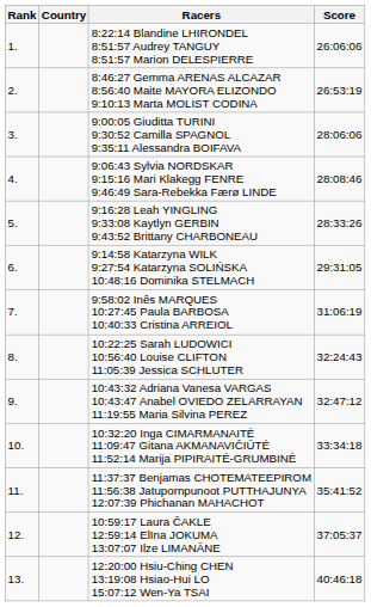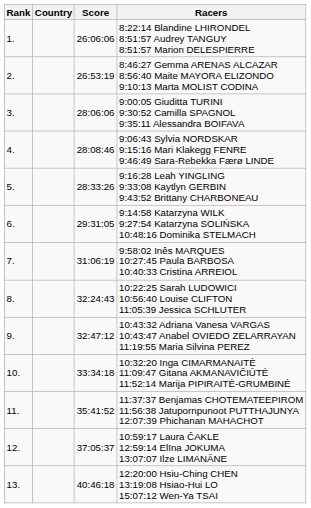 <table class="wikitable sortable" style="text-align:left;font-size:95%">
 <tr>
 <th>Rank</th>
 <th>Country</th>
+<th>Score</th>
 <th>Racers</th>
-<th>Score</th>
 </tr>
 <tr>
 <td>1.</td>
 <td></td>
+<td>26:06:06</td>
 <td>8:22:14	Blandine LHIRONDEL<br>8:51:57	Audrey TANGUY<br>8:51:57	Marion DELESPIERRE</td>
-<td>26:06:06</td>
 </tr>
 <tr>
 <td>2.</td>
 <td></td>
+<td>26:53:19</td>
 <td>8:46:27	Gemma ARENAS ALCAZAR<br>8:56:40	Maite MAYORA ELIZONDO<br>9:10:13	Marta MOLIST CODINA</td>
-<td>26:53:19</td>
 </tr>
 <tr>
 <td>3.</td>
 <td></td>
+<td>28:06:06</td>
 <td>9:00:05	Giuditta TURINI<br>9:30:52	Camilla SPAGNOL<br>9:35:11	Alessandra BOIFAVA</td>
-<td>28:06:06</td>
 </tr>
 <tr>
 <td>4.</td>
 <td></td>
+<td>28:08:46</td>
 <td>9:06:43	Sylvia NORDSKAR<br>9:15:16	Mari Klakegg FENRE<br>9:46:49	Sara-Rebekka Færø LINDE</td>
-<td>28:08:46</td>
 </tr>
 <tr>
 <td>5.</td>
 <td></td>
+<td>28:33:26</td>
 <td>9:16:28	Leah YINGLING<br>9:33:08	Kaytlyn GERBIN<br>9:43:52	Brittany CHARBONEAU</td>
-<td>28:33:26</td>
 </tr>
 <tr>
 <td>6.</td>
 <td></td>
+<td>29:31:05</td>
 <td>9:14:58	Katarzyna WILK<br>9:27:54	Katarzyna SOLIŃSKA<br>10:48:16	Dominika STELMACH</td>
-<td>29:31:05</td>
 </tr>
 <tr>
 <td>7.</td>
 <td></td>
+<td>31:06:19</td>
 <td>9:58:02	Inês MARQUES<br>10:27:45	Paula BARBOSA<br>10:40:33	Cristina ARREIOL</td>
-<td>31:06:19</td>
 </tr>
 <tr>
 <td>8.</td>
 <td></td>
+<td>32:24:43</td>
 <td>10:22:25	Sarah LUDOWICI<br>10:56:40	Louise CLIFTON<br>11:05:39	Jessica SCHLUTER</td>
-<td>32:24:43</td>
 </tr>
 <tr>
 <td>9.</td>
 <td></td>
+<td>32:47:12</td>
 <td>10:43:32	Adriana Vanesa VARGAS<br>10:43:47	Anabel OVIEDO ZELARRAYAN<br>11:19:55	Maria Silvina PEREZ</td>
-<td>32:47:12</td>
 </tr>
 <tr>
 <td>10.</td>
 <td></td>
+<td>33:34:18</td>
 <td>10:32:20	Inga CIMARMANAITĖ<br>11:09:47	Gitana AKMANAVIČIŪTĖ<br>11:52:14	Marija PIPIRAITĖ-GRUMBINĖ</td>
-<td>33:34:18</td>
 </tr>
 <tr>
 <td>11.</td>
 <td></td>
+<td>35:41:52</td>
 <td>11:37:37	Benjamas CHOTEMATEEPIROM<br>11:56:38	Jatupornpunoot PUTTHAJUNYA<br>12:07:39	Phichanan MAHACHOT</td>
-<td>35:41:52</td>
 </tr>
 <tr>
 <td>12.</td>
 <td></td>
+<td>37:05:37</td>
 <td>10:59:17	Laura ČAKLE<br>12:59:14	Elīna JOKUMA<br>13:07:07	Ilze LIMANĀNE</td>
-<td>37:05:37</td>
 </tr>
 <tr>
 <td>13.</td>
 <td></td>
+<td>40:46:18</td>
 <td>12:20:00	Hsiu-Ching CHEN<br>13:19:08	Hsiao-Hui LO<br>15:07:12	Wen-Ya TSAI</td>
-<td>40:46:18</td>
 </tr>
 </table>
